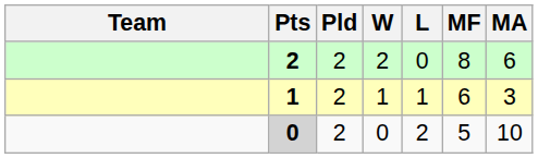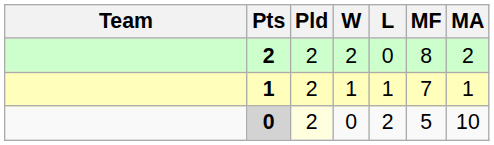 <table class=wikitable style="text-align:center">
 <tr>
 <th width=175>Team</th>
 <th width=20>Pts</th>
 <th width=20>Pld</th>
 <th width=20>W</th>
 <th width=20>L</th>
 <th width=20>MF</th>
 <th width=20>MA</th>
 </tr>
 <tr bgcolor=#ccffcc>
 <td style="text-align:left"></td>
 <td><strong>2</strong></td>
 <td>2</td>
 <td>2</td>
 <td>0</td>
 <td>8</td>
-<td>6</td>
+<td>2</td>
 </tr>
 <tr bgcolor=#ffffbb>
 <td style="text-align:left"></td>
 <td><strong>1</strong></td>
 <td>2</td>
 <td>1</td>
 <td>1</td>
-<td>6</td>
-<td>3</td>
+<td>7</td>
+<td>1</td>
 </tr>
 <tr>
 <td style="text-align:left"></td>
 <td style="background: lightgrey;"><strong>0</strong></td>
-<td>2</td>
+<td style="background: lightyellow;">2</td>
 <td>0</td>
 <td>2</td>
 <td>5</td>
 <td>10</td>
 </tr>
 </table>
